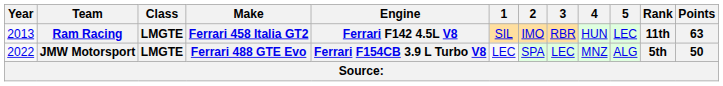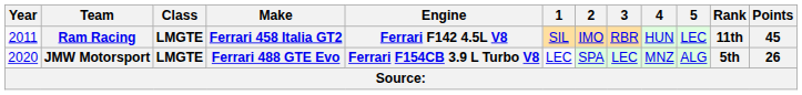 <table class="wikitable" style="text-align:center; font-size:90%">
 <tr>
 <th>Year</th>
 <th>Team</th>
 <th>Class</th>
 <th>Make</th>
 <th>Engine</th>
 <th>1</th>
 <th>2</th>
 <th>3</th>
 <th>4</th>
 <th>5</th>
 <th>Rank</th>
 <th>Points</th>
 </tr>
 <tr>
-<td><a href='#'>2013</a></td>
+<td><a href='#'>2011</a></td>
 <th><a href='#'>Ram Racing</a></th>
 <th>LMGTE</th>
 <th><a href='#'>Ferrari 458 Italia GT2</a></th>
 <th><a href='#'>Ferrari</a> F142 4.5L <a href='#'>V8</a></th>
 <td style="background:#FFDF9F;”"><a href='#'>SIL</a><br></td>
 <td style="background:#FFDF9F;”"><a href='#'>IMO</a><br></td>
 <td style="background:#FFDF9F;”"><a href='#'>RBR</a><br></td>
 <td style="background:#DFFFDF;"><a href='#'>HUN</a><br></td>
 <td style="background:#DFFFDF;"><a href='#'>LEC</a><br></td>
 <th>11th</th>
-<th>63</th>
+<th>45</th>
 </tr>
 <tr>
-<td><a href='#'>2022</a></td>
+<td><a href='#'>2020</a></td>
 <th>JMW Motorsport</th>
 <th>LMGTE</th>
 <th><a href='#'>Ferrari 488 GTE Evo</a></th>
 <th><a href='#'>Ferrari</a> <a href='#'>F154CB</a> 3.9 L Turbo <a href='#'>V8</a></th>
 <td><a href='#'>LEC</a><br></td>
 <td style="background:#DFFFDF;"><a href='#'>SPA</a><br></td>
 <td style="background:#DFFFDF;"><a href='#'>LEC</a><br></td>
 <td style="background:#DFFFDF;"><a href='#'>MNZ</a><br></td>
 <td style="background:#DFFFDF;"><a href='#'>ALG</a><br></td>
 <th>5th</th>
-<th>50</th>
+<th>26</th>
 </tr>
 <tr>
 <th colspan="12">Source:</th>
 </tr>
 </table>
